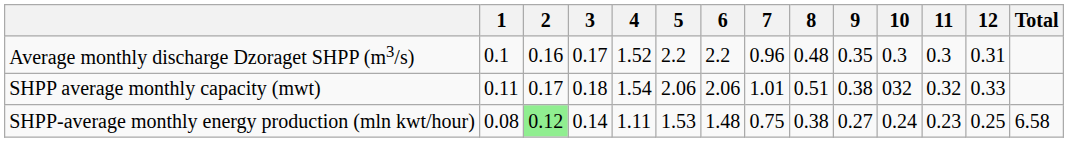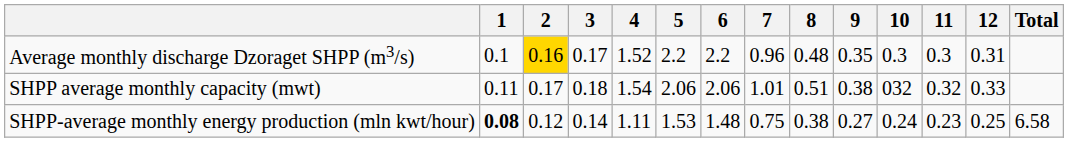 <table class="wikitable">
 <tr>
 <th></th>
 <th>1</th>
 <th>2</th>
 <th>3</th>
 <th>4</th>
 <th>5</th>
 <th>6</th>
 <th>7</th>
 <th>8</th>
 <th>9</th>
 <th>10</th>
 <th>11</th>
 <th>12</th>
 <th>Total</th>
 </tr>
 <tr>
 <td>Average monthly discharge Dzoraget SHPP (m<sup>3</sup>/s)</td>
 <td>0.1</td>
-<td>0.16</td>
+<td style="background: gold;">0.16</td>
 <td>0.17</td>
 <td>1.52</td>
 <td>2.2</td>
 <td>2.2</td>
 <td>0.96</td>
 <td>0.48</td>
 <td>0.35</td>
 <td>0.3</td>
 <td>0.3</td>
 <td>0.31</td>
 <td></td>
 </tr>
 <tr>
 <td>SHPP average monthly capacity (mwt)</td>
 <td>0.11</td>
 <td>0.17</td>
 <td>0.18</td>
 <td>1.54</td>
 <td>2.06</td>
 <td>2.06</td>
 <td>1.01</td>
 <td>0.51</td>
 <td>0.38</td>
 <td>032</td>
 <td>0.32</td>
 <td>0.33</td>
 <td></td>
 </tr>
 <tr>
 <td>SHPP-average monthly energy production (mln kwt/hour)</td>
-<td>0.08</td>
-<td style="background: lightgreen;">0.12</td>
+<td><strong>0.08</strong></td>
+<td>0.12</td>
 <td>0.14</td>
 <td>1.11</td>
 <td>1.53</td>
 <td>1.48</td>
 <td>0.75</td>
 <td>0.38</td>
 <td>0.27</td>
 <td>0.24</td>
 <td>0.23</td>
 <td>0.25</td>
 <td>6.58</td>
 </tr>
 </table>
